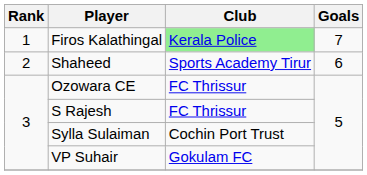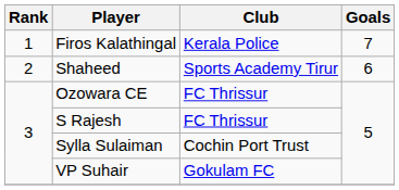 <table class="wikitable" style="text-align:center">
 <tr>
 <th>Rank</th>
 <th>Player</th>
 <th>Club</th>
 <th>Goals</th>
 </tr>
 <tr>
 <td>1</td>
 <td align="left"> Firos Kalathingal</td>
-<td align="left" style="background: lightgreen;"><a href='#'>Kerala Police</a></td>
+<td align="left"><a href='#'>Kerala Police</a></td>
 <td>7</td>
 </tr>
 <tr>
 <td>2</td>
 <td align="left"> Shaheed</td>
 <td align="left"><a href='#'>Sports Academy Tirur</a></td>
 <td>6</td>
 </tr>
 <tr>
 <td rowspan="4">3</td>
 <td align="left"> Ozowara CE</td>
 <td align="left"><a href='#'>FC Thrissur</a></td>
 <td rowspan="4">5</td>
 </tr>
 <tr>
 <td align="left"> S Rajesh</td>
 <td align="left"><a href='#'>FC Thrissur</a></td>
 </tr>
 <tr>
 <td align="left"> Sylla Sulaiman</td>
 <td align="left">Cochin Port Trust</td>
 </tr>
 <tr>
 <td align="left"> VP Suhair</td>
 <td align="left"><a href='#'>Gokulam FC</a></td>
 </tr>
 <tr>
 </tr>
 </table>
